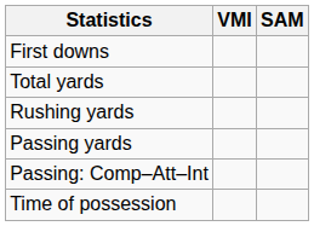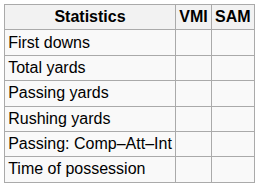 <table class="wikitable" style="float: left;">
 <tr>
 <th>Statistics</th>
 <th>VMI</th>
 <th>SAM</th>
 </tr>
 <tr>
 <td>First downs</td>
 <td></td>
 <td></td>
 </tr>
 <tr>
 <td>Total yards</td>
 <td></td>
 <td></td>
 </tr>
 <tr>
-<td>Rushing yards</td>
+<td>Passing yards</td>
 <td></td>
 <td></td>
 </tr>
 <tr>
-<td>Passing yards</td>
+<td>Rushing yards</td>
 <td></td>
 <td></td>
 </tr>
 <tr>
 <td>Passing: Comp–Att–Int</td>
 <td></td>
 <td></td>
 </tr>
 <tr>
 <td>Time of possession</td>
 <td></td>
 <td></td>
 </tr>
 <tr>
 </tr>
 </table>
